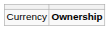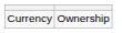 <table class="wikitable">
 <tr align="center" style="font-size: 18px">
 <th></th>
 <th></th>
 </tr>
 <tr align="center">
 <td>Currency</td>
-<td><strong>Ownership</strong></td>
+<td>Ownership</td>
 </tr>
 </table>
